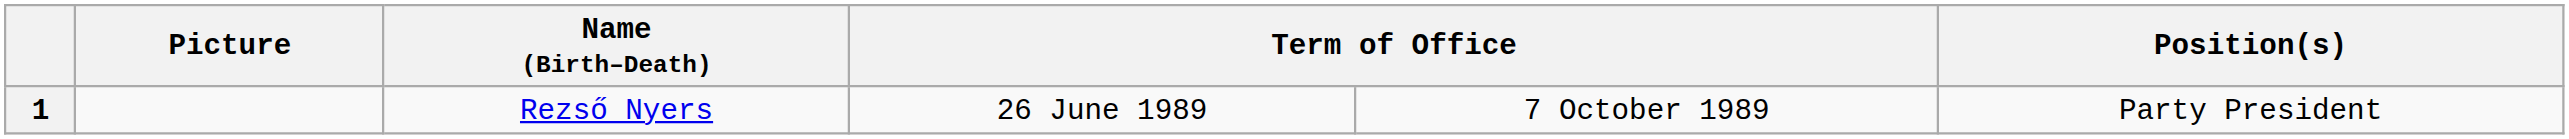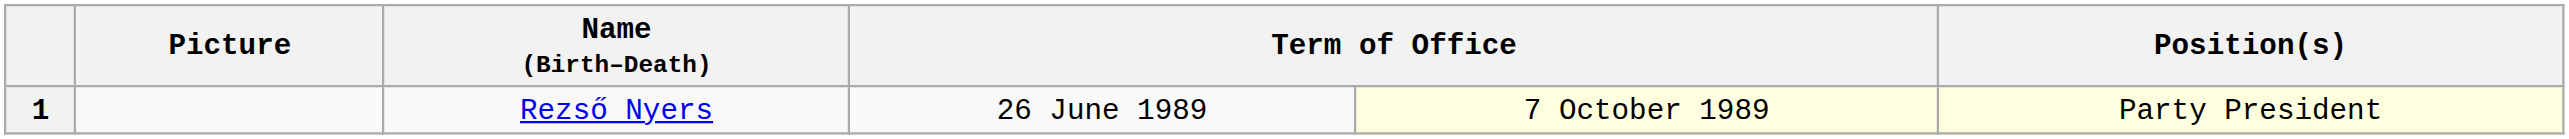 <table class="wikitable" style="width:90%; text-align:center;">
 <tr>
 <th></th>
 <th>Picture</th>
 <th>Name<br><small>(Birth–Death)</small></th>
 <th colspan=2>Term of Office</th>
 <th>Position(s)</th>
 </tr>
 <tr>
 <th style="background-color:">1</th>
 <td></td>
 <td><a href='#'>Rezső Nyers</a><br></td>
 <td>26 June 1989</td>
-<td>7 October 1989</td>
-<td>Party President</td>
+<td style="background: lightyellow;">7 October 1989</td>
+<td style="background: lightyellow;">Party President</td>
 </tr>
 </table>
